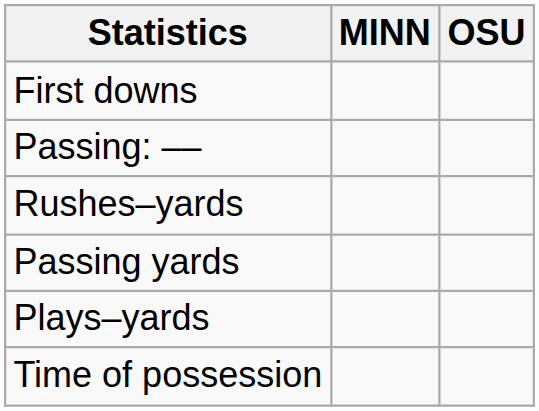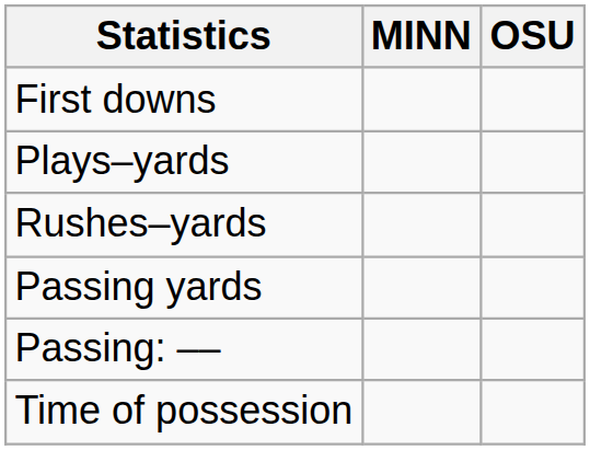 <table class="wikitable" style="float:left">
 <tr>
 <th>Statistics</th>
 <th>MINN</th>
 <th>OSU</th>
 </tr>
 <tr>
 <td>First downs</td>
 <td></td>
 <td></td>
 </tr>
 <tr>
-<td>Passing: ––</td>
+<td>Plays–yards</td>
 <td></td>
 <td></td>
 </tr>
 <tr>
 <td>Rushes–yards</td>
 <td></td>
 <td></td>
 </tr>
 <tr>
 <td>Passing yards</td>
 <td></td>
 <td></td>
 </tr>
 <tr>
-<td>Plays–yards</td>
+<td>Passing: ––</td>
 <td></td>
 <td></td>
 </tr>
 <tr>
 <td>Time of possession</td>
 <td></td>
 <td></td>
 </tr>
 </table>
